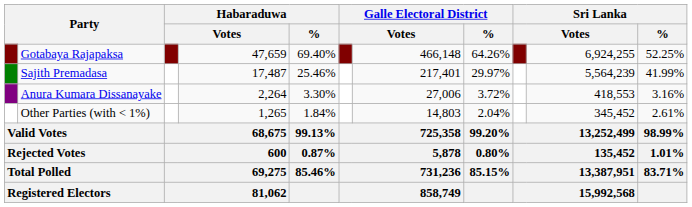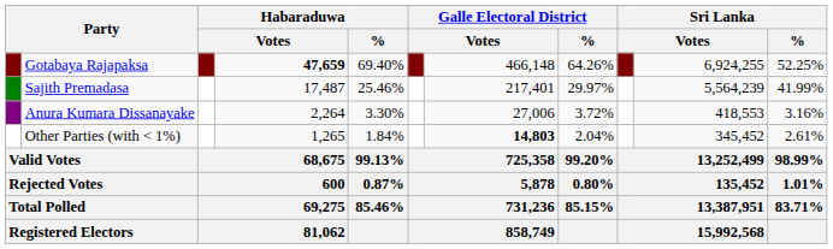 <table class="wikitable">
 <tr>
 <th colspan="2" width="144px"rowspan="2">Party</th>
 <th colspan="3" width="216px">Habaraduwa</th>
 <th colspan="3" width="216px"><a href='#'>Galle Electoral District</a></th>
 <th colspan="3" width="216px">Sri Lanka</th>
 </tr>
 <tr>
 <th colspan="2" width="144px">Votes</th>
 <th>%</th>
 <th colspan="2" width="144px">Votes</th>
 <th>%</th>
 <th colspan="2" width="144px">Votes</th>
 <th>%</th>
 </tr>
 <tr>
 <td style="background-color:maroon;" width="10px"></td>
 <td style="text-align:left;"><a href='#'>Gotabaya Rajapaksa</a></td>
 <td style="background-color:maroon;" width="10px"></td>
-<td style="text-align:right;">47,659</td>
+<td style="text-align:right;"><strong>47,659</strong></td>
 <td style="text-align:right;">69.40%</td>
 <td style="background-color:maroon;" width="10px"></td>
 <td style="text-align:right;">466,148</td>
 <td style="text-align:right;">64.26%</td>
 <td style="background-color:maroon;" width="10px"></td>
 <td style="text-align:right;">6,924,255</td>
 <td style="text-align:right;">52.25%</td>
 </tr>
 <tr>
 <td style="background-color:green;" width="10px"></td>
 <td style="text-align:left;"><a href='#'>Sajith Premadasa</a></td>
 <td style="background-color:white;" width="10px"></td>
 <td style="text-align:right;">17,487</td>
 <td style="text-align:right;">25.46%</td>
 <td style="background-color:white;" width="10px"></td>
 <td style="text-align:right;">217,401</td>
 <td style="text-align:right;">29.97%</td>
 <td style="background-color:white;" width="10px"></td>
 <td style="text-align:right;">5,564,239</td>
 <td style="text-align:right;">41.99%</td>
 </tr>
 <tr>
 <td style="background-color:purple;" width="10px"></td>
 <td style="text-align:left;"><a href='#'>Anura Kumara Dissanayake</a></td>
 <td style="background-color:white;" width="10px"></td>
 <td style="text-align:right;">2,264</td>
 <td style="text-align:right;">3.30%</td>
 <td style="background-color:white;" width="10px"></td>
 <td style="text-align:right;">27,006</td>
 <td style="text-align:right;">3.72%</td>
 <td style="background-color:white;" width="10px"></td>
 <td style="text-align:right;">418,553</td>
 <td style="text-align:right;">3.16%</td>
 </tr>
 <tr>
 <td style="background-color:white;" width="10px"></td>
 <td style="text-align:left;">Other Parties (with < 1%)</td>
 <td style="background-color:white;" width="10px"></td>
 <td style="text-align:right;">1,265</td>
 <td style="text-align:right;">1.84%</td>
 <td style="background-color:white;" width="10px"></td>
-<td style="text-align:right;">14,803</td>
+<td style="text-align:right;"><strong>14,803</strong></td>
 <td style="text-align:right;">2.04%</td>
 <td style="background-color:white;" width="10px"></td>
 <td style="text-align:right;">345,452</td>
 <td style="text-align:right;">2.61%</td>
 </tr>
 <tr>
 <th colspan="2" width="144px"style="text-align:left;">Valid Votes</th>
 <th style="text-align:right;"colspan="2" width="144px">68,675</th>
 <th style="text-align:right;">99.13%</th>
 <th style="text-align:right;"colspan="2" width="144px">725,358</th>
 <th style="text-align:right;">99.20%</th>
 <th style="text-align:right;"colspan="2" width="144px">13,252,499</th>
 <th style="text-align:right;">98.99%</th>
 </tr>
 <tr>
 <th colspan="2" width="144px"style="text-align:left;">Rejected Votes</th>
 <th style="text-align:right;"colspan="2" width="144px">600</th>
 <th style="text-align:right;">0.87%</th>
 <th style="text-align:right;"colspan="2" width="144px">5,878</th>
 <th style="text-align:right;">0.80%</th>
 <th style="text-align:right;"colspan="2" width="144px">135,452</th>
 <th style="text-align:right;">1.01%</th>
 </tr>
 <tr>
 <th colspan="2" width="144px"style="text-align:left;">Total Polled</th>
 <th style="text-align:right;"colspan="2" width="144px">69,275</th>
 <th style="text-align:right;">85.46%</th>
 <th style="text-align:right;"colspan="2" width="144px">731,236</th>
 <th style="text-align:right;">85.15%</th>
 <th style="text-align:right;"colspan="2" width="144px">13,387,951</th>
 <th style="text-align:right;">83.71%</th>
 </tr>
 <tr>
 <th colspan="2" width="144px"style="text-align:left;">Registered Electors</th>
 <th style="text-align:right;"colspan="2" width="144px">81,062</th>
 <th></th>
 <th style="text-align:right;"colspan="2" width="144px">858,749</th>
 <th></th>
 <th style="text-align:right;"colspan="2" width="144px">15,992,568</th>
 <th></th>
 </tr>
 </table>
